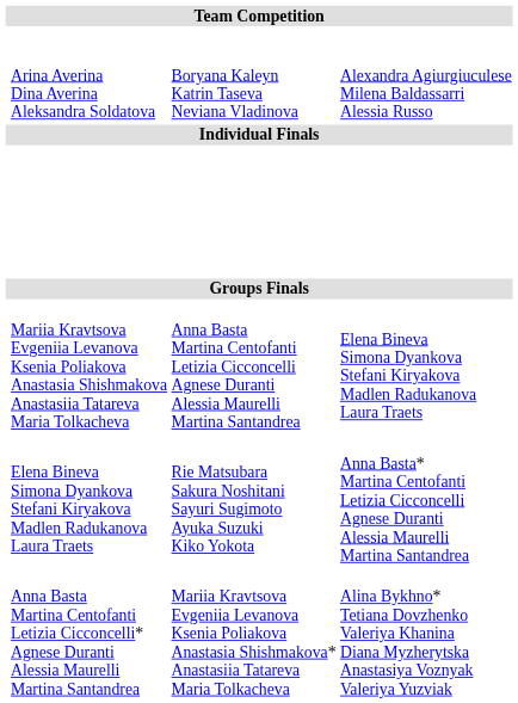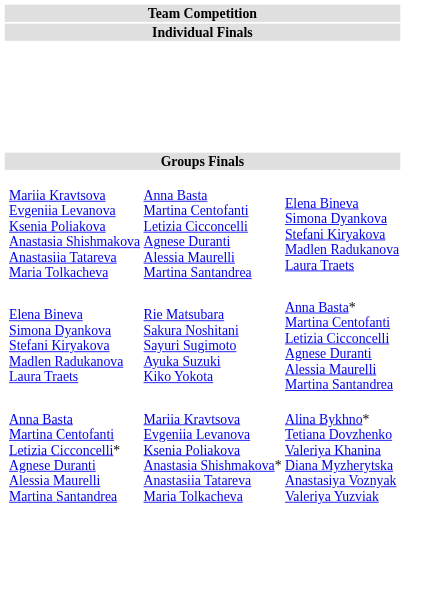 <table>
 <tr bgcolor="#DFDFDF">
 <td colspan="4" align="center"><strong>Team Competition</strong></td>
-</tr>
-<tr>
-<th scope=row style="text-align:left"><br></th>
-<td valign="top"><br><br><a href='#'>Arina Averina</a><br> <a href='#'>Dina Averina</a><br> <a href='#'>Aleksandra Soldatova</a><br></td>
-<td valign="top"><br><br><a href='#'>Boryana Kaleyn</a><br> <a href='#'>Katrin Taseva</a><br> <a href='#'>Neviana Vladinova</a><br></td>
-<td valign="top"><br><br><a href='#'>Alexandra Agiurgiuculese</a><br> <a href='#'>Milena Baldassarri</a><br> <a href='#'>Alessia Russo</a><br></td>
 </tr>
 <tr bgcolor="#DFDFDF">
 <td colspan="4" align="center"><strong>Individual Finals</strong></td>
 </tr>
 <tr>
 <th scope=row style="text-align:left"><br></th>
 <td></td>
 <td></td>
 <td></td>
 </tr>
 <tr>
 <th scope=row style="text-align:left"><br><br></th>
 <td></td>
 <td></td>
 <td></td>
 </tr>
 <tr>
 <th scope=row style="text-align:left"><br></th>
 <td></td>
 <td></td>
 <td></td>
 </tr>
 <tr>
 <th scope=row style="text-align:left"><br></th>
 <td></td>
 <td></td>
 <td></td>
 </tr>
 <tr>
 <th scope=row style="text-align:left"><br></th>
 <td></td>
 <td></td>
 <td></td>
 </tr>
 <tr bgcolor="#DFDFDF">
 <td colspan="4" align="center"><strong>Groups Finals</strong></td>
 </tr>
 <tr>
 <th scope=row style="text-align:left"><br></th>
 <td> <br><a href='#'>Mariia Kravtsova</a><br><a href='#'>Evgeniia Levanova</a><br><a href='#'>Ksenia Poliakova</a><br><a href='#'>Anastasia Shishmakova</a><br><a href='#'>Anastasiia Tatareva</a><br><a href='#'>Maria Tolkacheva</a></td>
 <td> <br><a href='#'>Anna Basta</a><br><a href='#'>Martina Centofanti</a><br><a href='#'>Letizia Cicconcelli</a><br><a href='#'>Agnese Duranti</a><br><a href='#'>Alessia Maurelli</a><br><a href='#'>Martina Santandrea</a></td>
 <td> <br><a href='#'>Elena Bineva</a><br><a href='#'>Simona Dyankova</a><br><a href='#'>Stefani Kiryakova</a><br><a href='#'>Madlen Radukanova</a><br><a href='#'>Laura Traets</a></td>
 </tr>
 <tr>
 <th scope=row style="text-align:left"><br></th>
 <td> <br><a href='#'>Elena Bineva</a><br><a href='#'>Simona Dyankova</a><br><a href='#'>Stefani Kiryakova</a><br><a href='#'>Madlen Radukanova</a><br><a href='#'>Laura Traets</a></td>
 <td> <br><a href='#'>Rie Matsubara</a><br><a href='#'>Sakura Noshitani</a><br><a href='#'>Sayuri Sugimoto</a><br><a href='#'>Ayuka Suzuki</a><br><a href='#'>Kiko Yokota</a></td>
 <td> <br><a href='#'>Anna Basta</a>*<br><a href='#'>Martina Centofanti</a><br><a href='#'>Letizia Cicconcelli</a><br><a href='#'>Agnese Duranti</a><br><a href='#'>Alessia Maurelli</a><br><a href='#'>Martina Santandrea</a></td>
 </tr>
 <tr>
 <th scope=row style="text-align:left"><br></th>
 <td> <br><a href='#'>Anna Basta</a><br><a href='#'>Martina Centofanti</a><br><a href='#'>Letizia Cicconcelli</a>*<br><a href='#'>Agnese Duranti</a><br><a href='#'>Alessia Maurelli</a><br><a href='#'>Martina Santandrea</a></td>
 <td> <br><a href='#'>Mariia Kravtsova</a><br><a href='#'>Evgeniia Levanova</a><br><a href='#'>Ksenia Poliakova</a><br><a href='#'>Anastasia Shishmakova</a>*<br><a href='#'>Anastasiia Tatareva</a><br><a href='#'>Maria Tolkacheva</a></td>
 <td> <br><a href='#'>Alina Bykhno</a>*<br><a href='#'>Tetiana Dovzhenko</a><br><a href='#'>Valeriya Khanina</a><br><a href='#'>Diana Myzherytska</a><br><a href='#'>Anastasiya Voznyak</a><br><a href='#'>Valeriya Yuzviak</a></td>
 </tr>
 </table>
